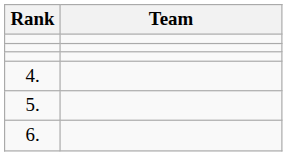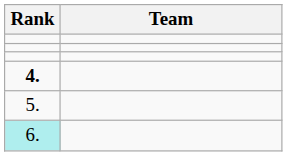 <table class="wikitable" style="text-align: center;">
 <tr>
 <th width=40>Rank</th>
 <th width=180>Team</th>
 </tr>
 <tr align=center>
 <td></td>
 <td style="text-align:left;"></td>
 </tr>
 <tr align=center>
 <td></td>
 <td style="text-align:left;"></td>
 </tr>
 <tr align=center>
 <td></td>
 <td style="text-align:left;"></td>
 </tr>
 <tr align=center>
-<td>4.</td>
+<td><strong>4.</strong></td>
 <td style="text-align:left;"></td>
 </tr>
 <tr align=center>
 <td>5.</td>
 <td style="text-align:left;"></td>
 </tr>
 <tr align=center>
-<td>6.</td>
+<td style="background: paleturquoise;">6.</td>
 <td style="text-align:left;"></td>
 </tr>
 </table>
